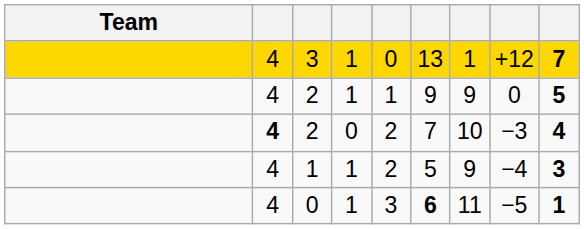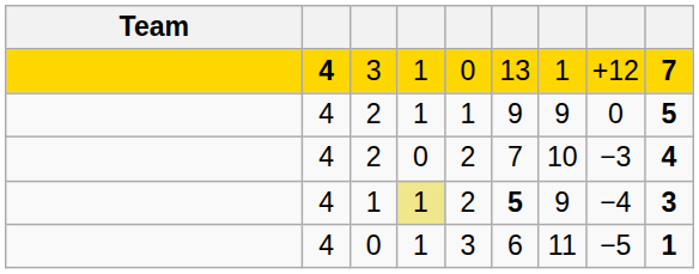 <table class=wikitable style="text-align:center">
 <tr>
 <th width=165>Team</th>
 <th width=20></th>
 <th width=20></th>
 <th width=20></th>
 <th width=20></th>
 <th width=20></th>
 <th width=20></th>
 <th width=20></th>
 <th width=20></th>
 </tr>
 <tr bgcolor=gold>
 <td align=left></td>
-<td>4</td>
+<td><strong>4</strong></td>
 <td>3</td>
 <td>1</td>
 <td>0</td>
 <td>13</td>
 <td>1</td>
 <td>+12</td>
 <td><strong>7</strong></td>
 </tr>
 <tr>
 <td align=left></td>
 <td>4</td>
 <td>2</td>
 <td>1</td>
 <td>1</td>
 <td>9</td>
 <td>9</td>
 <td>0</td>
 <td><strong>5</strong></td>
 </tr>
 <tr>
 <td align=left></td>
-<td><strong>4</strong></td>
+<td>4</td>
 <td>2</td>
 <td>0</td>
 <td>2</td>
 <td>7</td>
 <td>10</td>
 <td>−3</td>
 <td><strong>4</strong></td>
 </tr>
 <tr>
 <td align=left></td>
 <td>4</td>
 <td>1</td>
-<td>1</td>
+<td style="background: khaki;">1</td>
 <td>2</td>
-<td>5</td>
+<td><strong>5</strong></td>
 <td>9</td>
 <td>−4</td>
 <td><strong>3</strong></td>
 </tr>
 <tr>
 <td align=left></td>
 <td>4</td>
 <td>0</td>
 <td>1</td>
 <td>3</td>
-<td><strong>6</strong></td>
+<td>6</td>
 <td>11</td>
 <td>−5</td>
 <td><strong>1</strong></td>
 </tr>
 </table>
